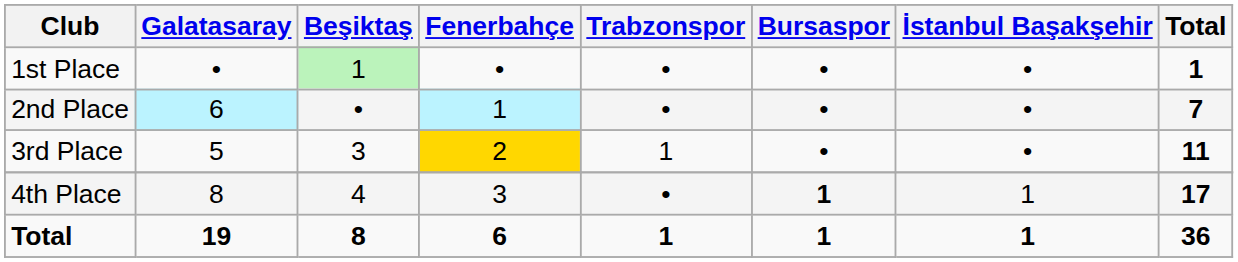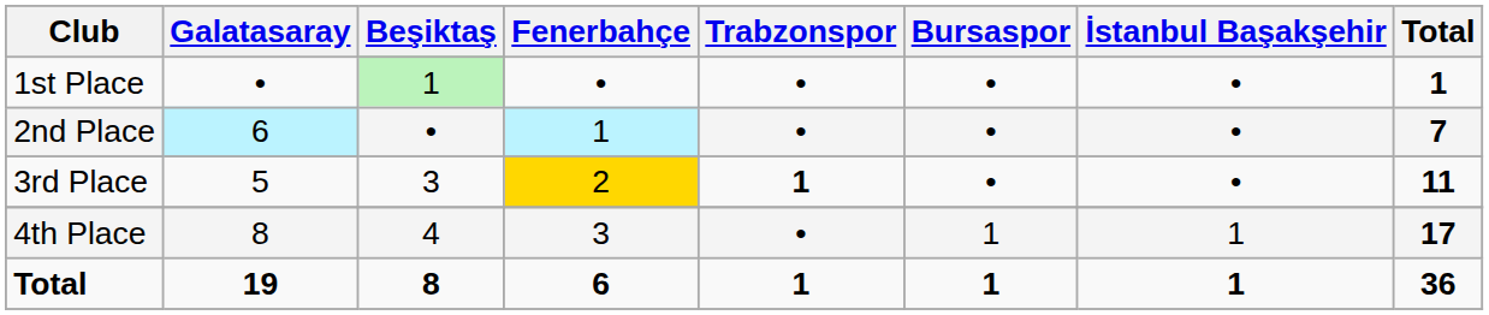 <table class="wikitable" style="text-align: center; font-size:90%">
 <tr>
 <th>Club</th>
 <th><a href='#'>Galatasaray</a></th>
 <th><a href='#'>Beşiktaş</a></th>
 <th><a href='#'>Fenerbahçe</a></th>
 <th><a href='#'>Trabzonspor</a></th>
 <th><a href='#'>Bursaspor</a></th>
 <th><a href='#'>İstanbul Başakşehir</a></th>
 <th><strong>Total</strong></th>
 </tr>
 <tr>
 <td align="left">1st Place</td>
 <td>•</td>
 <td bgcolor=#BBF3BB>1</td>
 <td>•</td>
 <td>•</td>
 <td>•</td>
 <td>•</td>
 <td><strong>1</strong></td>
 </tr>
 <tr style="background:#f4f4f4;">
 <td align="left">2nd Place</td>
 <td bgcolor=#BBF3FF>6</td>
 <td>•</td>
 <td bgcolor=#BBF3FF>1</td>
 <td>•</td>
 <td>•</td>
 <td>•</td>
 <td><strong>7</strong></td>
 </tr>
 <tr>
 <td align="left">3rd Place</td>
 <td>5</td>
 <td>3</td>
 <td style="background: gold;">2</td>
-<td>1</td>
+<td><strong>1</strong></td>
 <td>•</td>
 <td>•</td>
 <td><strong>11</strong></td>
 </tr>
 <tr>
 </tr>
 <tr style="background:#f4f4f4;">
 <td align="left">4th Place</td>
 <td>8</td>
 <td>4</td>
 <td>3</td>
 <td>•</td>
-<td><strong>1</strong></td>
+<td>1</td>
 <td>1</td>
 <td><strong>17</strong></td>
 </tr>
 <tr>
 <td align="left"><strong>Total</strong></td>
 <td><strong>19</strong></td>
 <td><strong>8</strong></td>
 <td><strong>6</strong></td>
 <td><strong>1</strong></td>
 <td><strong>1</strong></td>
 <td><strong>1</strong></td>
 <td><strong>36</strong></td>
 </tr>
 </table>
